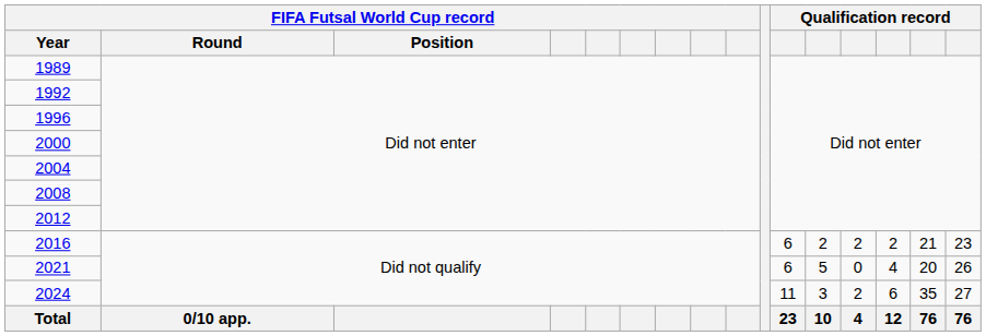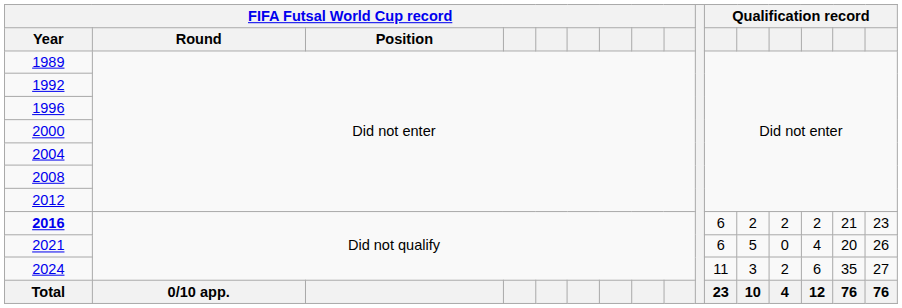 <table class="wikitable" width=70% style="text-align: center;font-size:90%;">
 <tr>
 <th colspan=9><a href='#'>FIFA Futsal World Cup record</a></th>
 <th width=1% rowspan=20></th>
 <th colspan=6>Qualification record</th>
 </tr>
 <tr>
 <th width=80>Year</th>
 <th>Round</th>
 <th>Position</th>
 <th width=25></th>
 <th width=25></th>
 <th width=25></th>
 <th width=25></th>
 <th width=25></th>
 <th width=25></th>
 <th width=25></th>
 <th width=25></th>
 <th width=25></th>
 <th width=25></th>
 <th width=25></th>
 <th width=25></th>
 </tr>
 <tr>
 <td> <a href='#'>1989</a></td>
 <td rowspan=7 colspan=8>Did not enter</td>
 <td rowspan=7 colspan=7>Did not enter</td>
 </tr>
 <tr>
 <td> <a href='#'>1992</a></td>
 </tr>
 <tr>
 <td> <a href='#'>1996</a></td>
 </tr>
 <tr>
 <td> <a href='#'>2000</a></td>
 </tr>
 <tr>
 <td> <a href='#'>2004</a></td>
 </tr>
 <tr>
 <td> <a href='#'>2008</a></td>
 </tr>
 <tr>
 <td> <a href='#'>2012</a></td>
 </tr>
 <tr>
-<td> <a href='#'>2016</a></td>
+<td><strong> <a href='#'>2016</a></strong></td>
 <td rowspan=3 colspan=8>Did not qualify</td>
 <td>6</td>
 <td>2</td>
 <td>2</td>
 <td>2</td>
 <td>21</td>
 <td>23</td>
 </tr>
 <tr>
 <td> <a href='#'>2021</a></td>
 <td>6</td>
 <td>5</td>
 <td>0</td>
 <td>4</td>
 <td>20</td>
 <td>26</td>
 </tr>
 <tr>
 <td> <a href='#'>2024</a></td>
 <td>11</td>
 <td>3</td>
 <td>2</td>
 <td>6</td>
 <td>35</td>
 <td>27</td>
 </tr>
 <tr>
 <th><strong>Total</strong></th>
 <th>0/10 app.</th>
 <th></th>
 <th></th>
 <th></th>
 <th></th>
 <th></th>
 <th></th>
 <th></th>
 <th>23</th>
 <th>10</th>
 <th>4</th>
 <th>12</th>
 <th>76</th>
 <th>76</th>
 </tr>
 </table>
